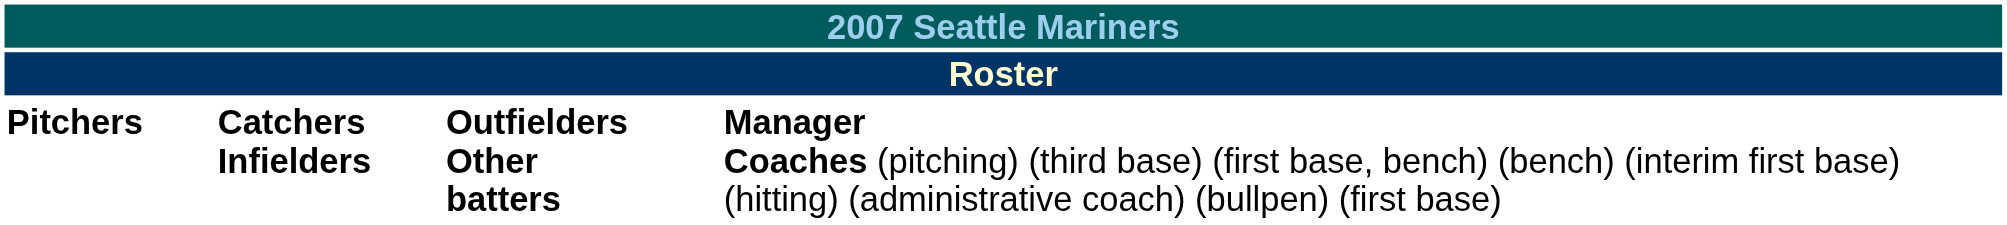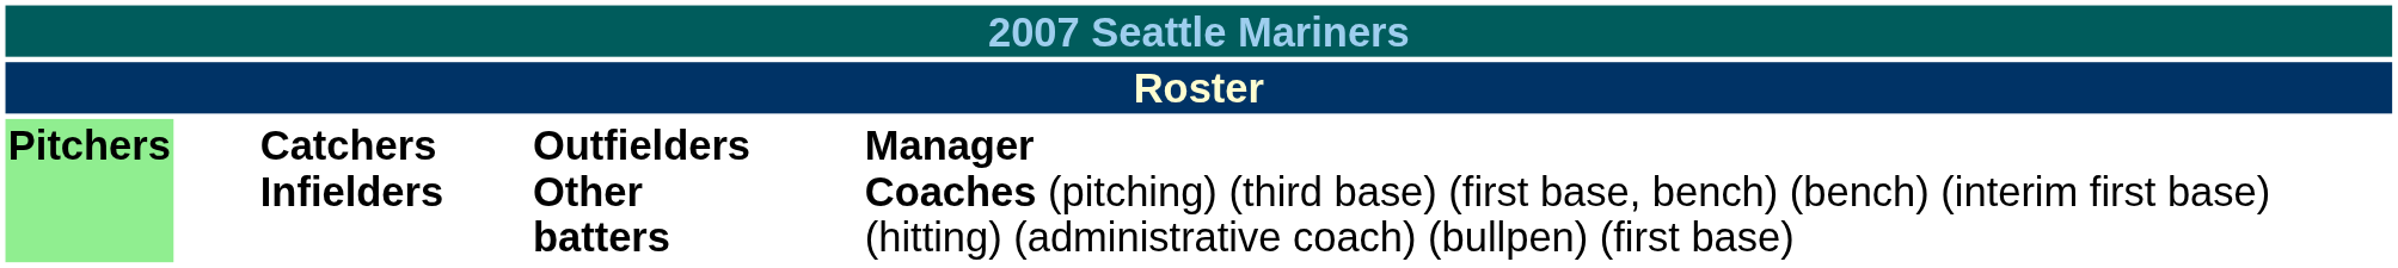 <table class="toccolours" style="font-size: 95%;">
 <tr>
 <th colspan="10" style="background-color: #005c5c; color:#9ECEEE; text-align: center;">2007 Seattle Mariners</th>
 </tr>
 <tr>
 <td colspan="10" style="background-color: #003366; color: #FFFDD0; text-align: center;"><strong>Roster</strong></td>
 </tr>
 <tr>
-<td valign="top"><strong>Pitchers</strong><br>                      </td>
+<td valign="top" style="background: lightgreen;"><strong>Pitchers</strong><br>                      </td>
 <td width="25px"></td>
 <td valign="top"><strong>Catchers</strong><br>   <strong>Infielders</strong>        </td>
 <td width="25px"></td>
 <td valign="top"><strong>Outfielders</strong><br>         <strong>Other batters</strong> </td>
 <td width="25px"></td>
 <td valign="top"><strong>Manager</strong><br>  <strong>Coaches</strong>  (pitching)  (third base)  (first base, bench)  (bench)  (interim first base)  (hitting)  (administrative coach)  (bullpen)  (first base)</td>
 </tr>
 </table>
